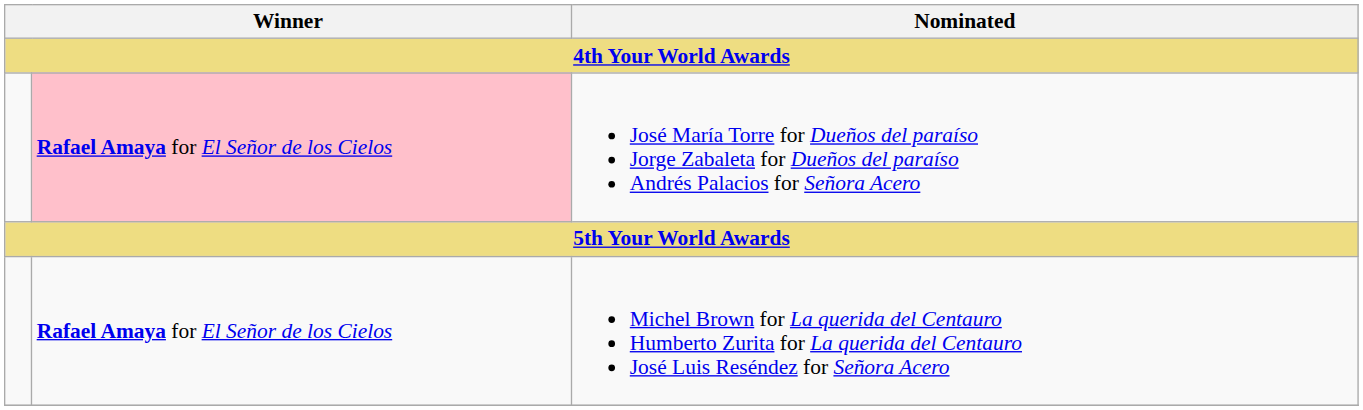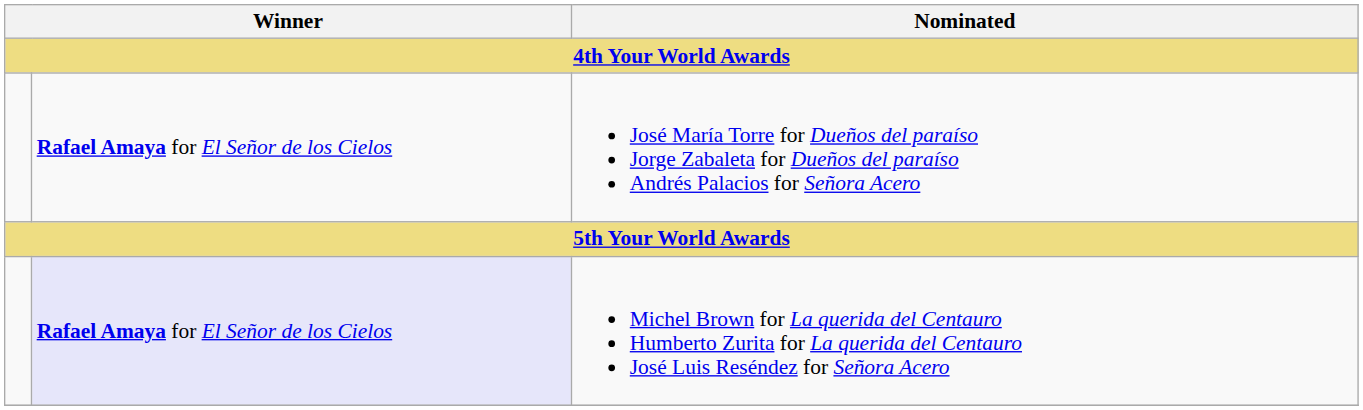 <table class="wikitable" width=80%>
 <tr align=center>
 <th width="150px;" colspan=2; align="center">Winner</th>
 <th width="580px;" align="center">Nominated</th>
 </tr>
 <tr>
 <th colspan=9 style="background:#EEDD82;"  align="center"><a href='#'>4th Your World Awards</a></th>
 </tr>
 <tr>
 <td width=2%></td>
-<td style="background: pink;"><strong><a href='#'>Rafael Amaya</a></strong> for <em><a href='#'>El Señor de los Cielos</a></em></td>
+<td><strong><a href='#'>Rafael Amaya</a></strong> for <em><a href='#'>El Señor de los Cielos</a></em></td>
 <td><br><ul><li><a href='#'>José María Torre</a> for <em><a href='#'>Dueños del paraíso</a></em></li><li><a href='#'>Jorge Zabaleta</a> for <em><a href='#'>Dueños del paraíso</a></em></li><li><a href='#'>Andrés Palacios</a> for <em><a href='#'>Señora Acero</a></em></li></ul></td>
 </tr>
 <tr>
 <th colspan=9 style="background:#EEDD82;"  align="center"><a href='#'>5th Your World Awards</a></th>
 </tr>
 <tr>
 <td width=2%></td>
-<td><strong><a href='#'>Rafael Amaya</a></strong> for <em><a href='#'>El Señor de los Cielos</a></em></td>
+<td style="background: lavender;"><strong><a href='#'>Rafael Amaya</a></strong> for <em><a href='#'>El Señor de los Cielos</a></em></td>
 <td><br><ul><li><a href='#'>Michel Brown</a> for <em><a href='#'>La querida del Centauro</a></em></li><li><a href='#'>Humberto Zurita</a> for <em><a href='#'>La querida del Centauro</a></em></li><li><a href='#'>José Luis Reséndez</a> for <em><a href='#'>Señora Acero</a></em></li></ul></td>
 </tr>
 <tr>
 </tr>
 </table>
